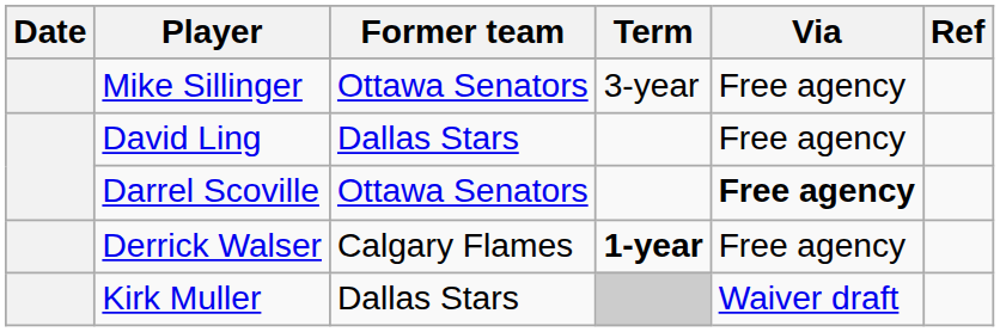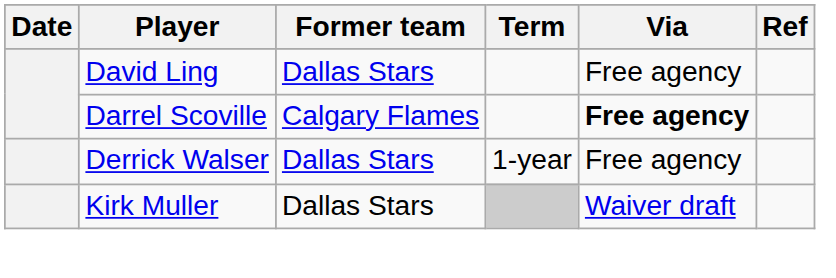 <table class="wikitable plainrowheaders">
 <tr style="background:#ddd; text-align:center;">
 <th>Date</th>
 <th>Player</th>
 <th>Former team</th>
 <th>Term</th>
 <th>Via</th>
 <th>Ref</th>
-</tr>
-<tr>
-<th scope="row"></th>
-<td><a href='#'>Mike Sillinger</a></td>
-<td><a href='#'>Ottawa Senators</a></td>
-<td>3-year</td>
-<td>Free agency</td>
-<td></td>
 </tr>
 <tr>
 <th scope="row" rowspan=2></th>
 <td><a href='#'>David Ling</a></td>
 <td><a href='#'>Dallas Stars</a></td>
 <td></td>
 <td>Free agency</td>
 <td></td>
 </tr>
 <tr>
 <td><a href='#'>Darrel Scoville</a></td>
-<td><a href='#'>Ottawa Senators</a></td>
+<td><a href='#'>Calgary Flames</a></td>
 <td></td>
 <td><strong>Free agency</strong></td>
 <td></td>
 </tr>
 <tr>
 <th scope="row"></th>
 <td><a href='#'>Derrick Walser</a></td>
-<td>Calgary Flames</td>
-<td><strong>1-year</strong></td>
+<td><a href='#'>Dallas Stars</a></td>
+<td>1-year</td>
 <td>Free agency</td>
 <td></td>
 </tr>
 <tr>
 <th scope="row"></th>
 <td><a href='#'>Kirk Muller</a></td>
 <td>Dallas Stars</td>
 <td style="background:#ccc"></td>
 <td><a href='#'>Waiver draft</a></td>
 <td></td>
 </tr>
 </table>
